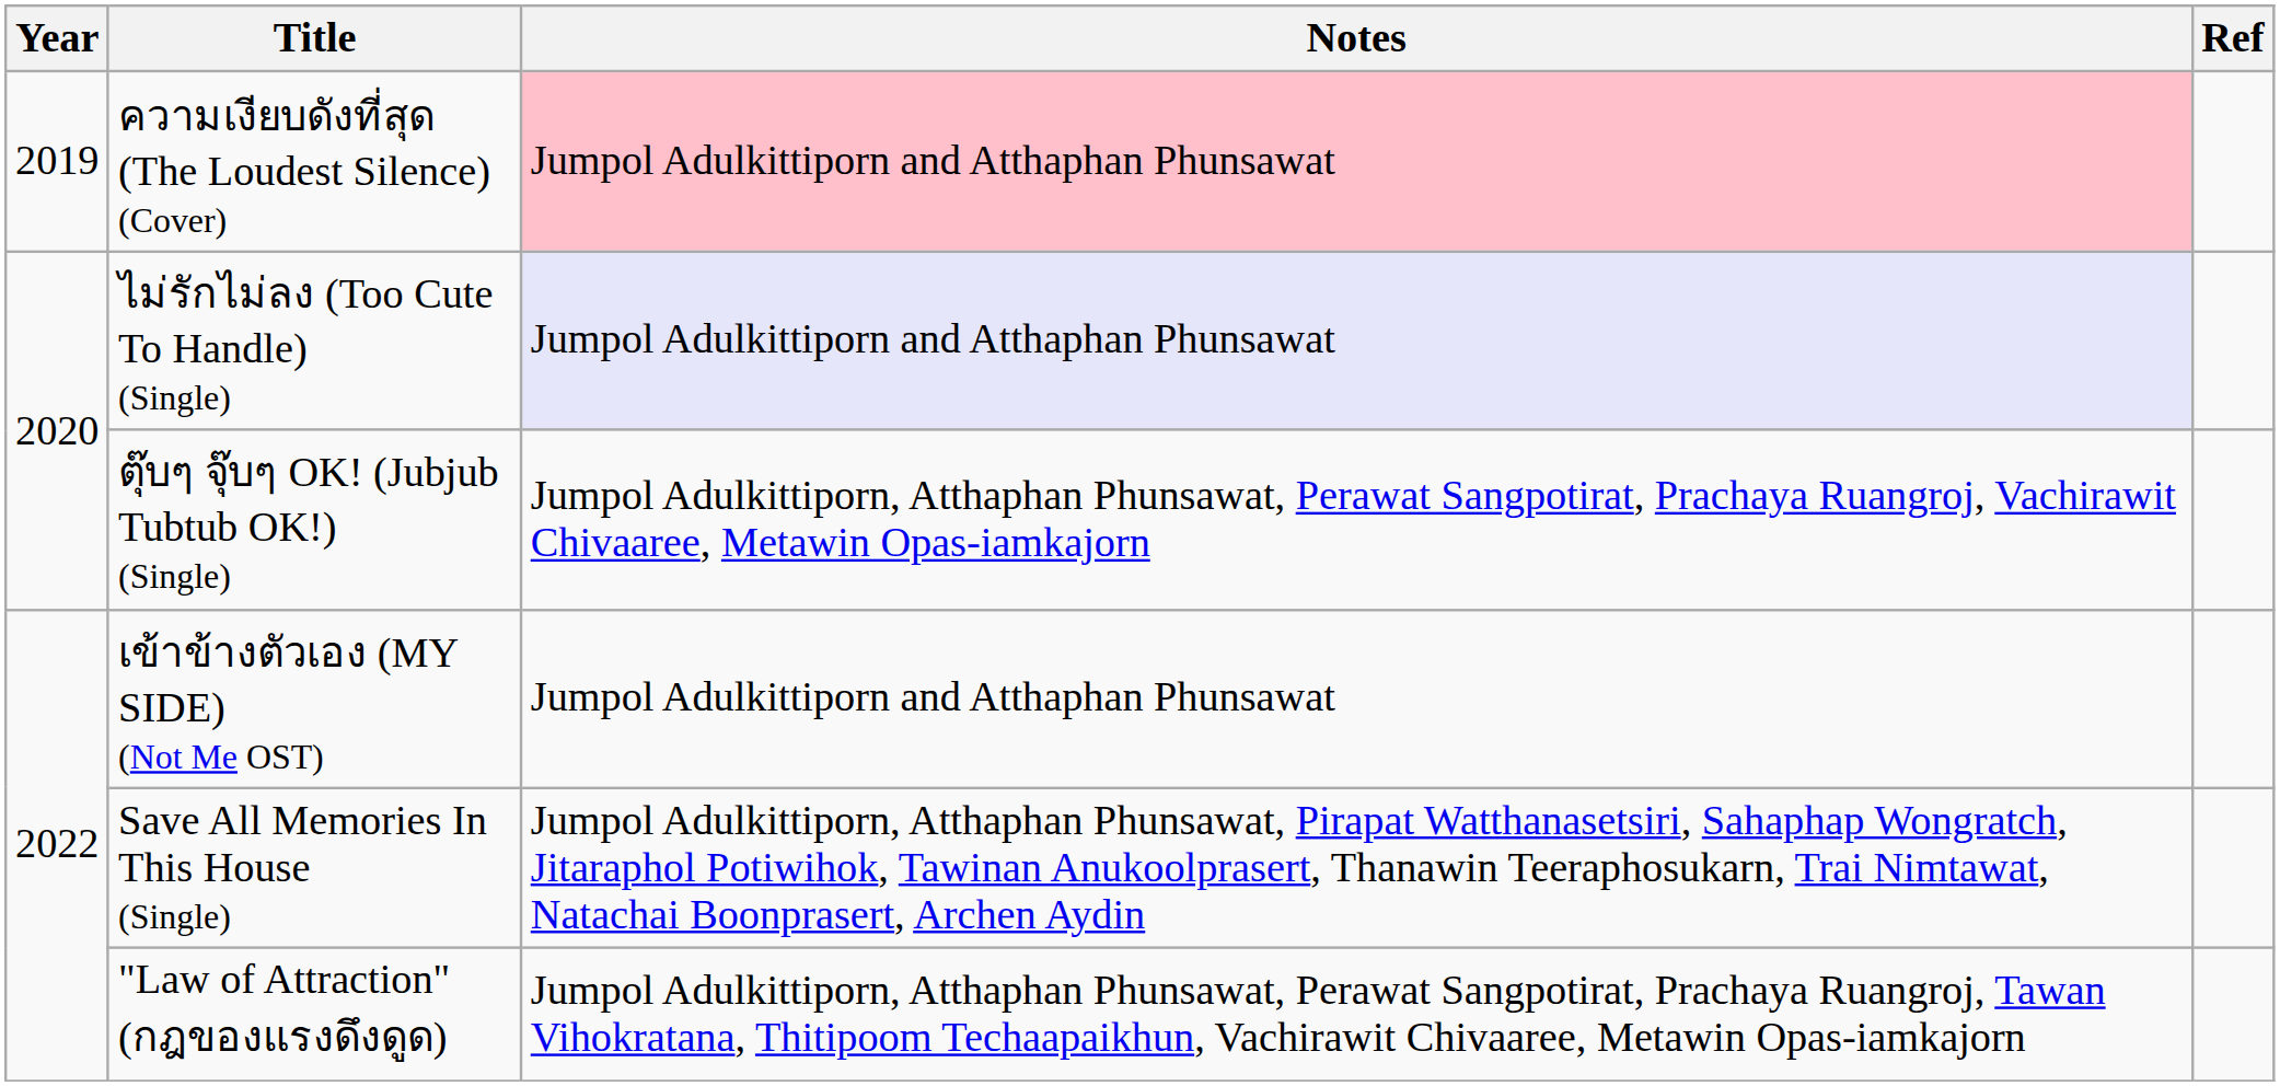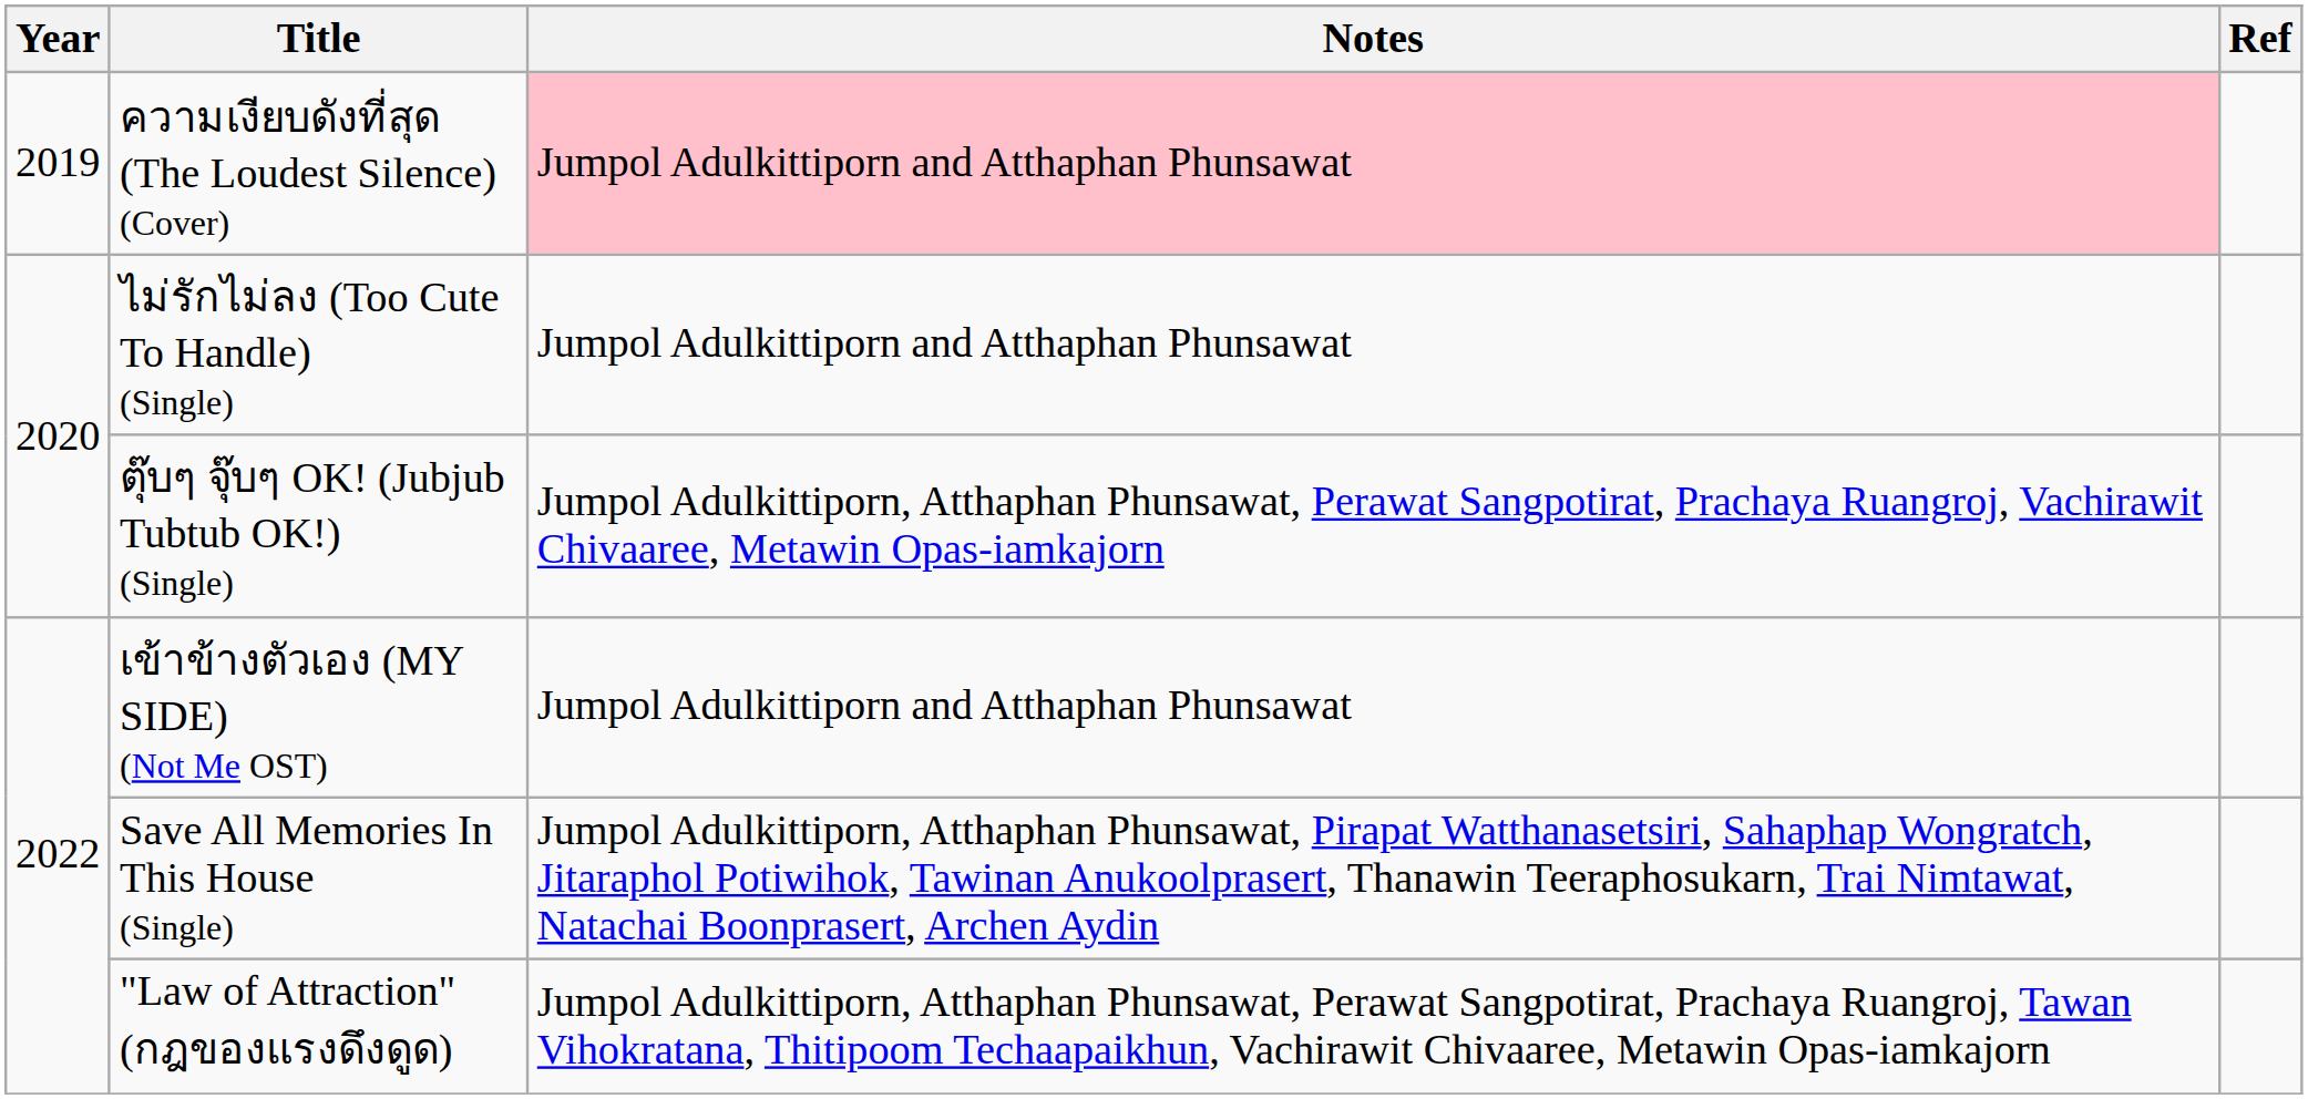 <table class="wikitable plainrowheaders sortable">
 <tr>
 <th scope="col">Year</th>
 <th scope="col">Title</th>
 <th class="unsortable">Notes</th>
 <th>Ref</th>
 </tr>
 <tr>
 <td rowspan="1" align="center">2019</td>
 <td scope="row">ความเงียบดังที่สุด (The Loudest Silence)<br><small>(Cover)</small></td>
 <td style="background: pink;">Jumpol Adulkittiporn and Atthaphan Phunsawat</td>
 <td></td>
 </tr>
 <tr>
 <td rowspan="2" align="center">2020</td>
 <td scope="row">ไม่รักไม่ลง (Too Cute To Handle)<br><small>(Single)</small></td>
-<td style="background: lavender;">Jumpol Adulkittiporn and Atthaphan Phunsawat</td>
+<td>Jumpol Adulkittiporn and Atthaphan Phunsawat</td>
 <td></td>
 </tr>
 <tr>
 <td>ตุ๊บๆ จุ๊บๆ OK! (Jubjub Tubtub OK!)<br><small>(Single)</small></td>
 <td>Jumpol Adulkittiporn, Atthaphan Phunsawat, <a href='#'>Perawat Sangpotirat</a>, <a href='#'>Prachaya Ruangroj</a>, <a href='#'>Vachirawit Chivaaree</a>, <a href='#'>Metawin Opas-iamkajorn</a></td>
 <td></td>
 </tr>
 <tr>
 <td rowspan="3" align="center">2022</td>
 <td scope="row">เข้าข้างตัวเอง (MY SIDE)<br><small>(<a href='#'>Not Me</a> OST)</small></td>
 <td>Jumpol Adulkittiporn and Atthaphan Phunsawat</td>
 <td></td>
 </tr>
 <tr>
 <td>Save All Memories In This House<br><small>(Single)</small></td>
 <td>Jumpol Adulkittiporn, Atthaphan Phunsawat, <a href='#'>Pirapat Watthanasetsiri</a>, <a href='#'>Sahaphap Wongratch</a>, <a href='#'>Jitaraphol Potiwihok</a>, <a href='#'>Tawinan Anukoolprasert</a>, Thanawin Teeraphosukarn, <a href='#'>Trai Nimtawat</a>, <a href='#'>Natachai Boonprasert</a>, <a href='#'>Archen Aydin</a></td>
 <td></td>
 </tr>
 <tr>
 <td>"Law of Attraction" (กฎของแรงดึงดูด)</td>
 <td>Jumpol Adulkittiporn, Atthaphan Phunsawat, Perawat Sangpotirat, Prachaya Ruangroj, <a href='#'>Tawan Vihokratana</a>, <a href='#'>Thitipoom Techaapaikhun</a>, Vachirawit Chivaaree, Metawin Opas-iamkajorn</td>
 <td></td>
 </tr>
 </table>
